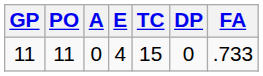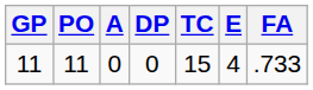 <table class="wikitable">
 <tr>
 <th><a href='#'>GP</a></th>
 <th><a href='#'>PO</a></th>
 <th><a href='#'>A</a></th>
+<th><a href='#'>DP</a></th>
+<th><a href='#'>TC</a></th>
 <th><a href='#'>E</a></th>
-<th><a href='#'>TC</a></th>
-<th><a href='#'>DP</a></th>
 <th><a href='#'>FA</a></th>
 </tr>
 <tr align=center>
 <td>11</td>
 <td>11</td>
 <td>0</td>
+<td>0</td>
+<td>15</td>
 <td>4</td>
-<td>15</td>
-<td>0</td>
 <td>.733</td>
 </tr>
 </table>
